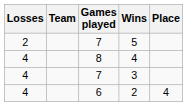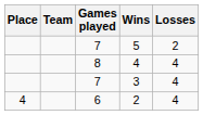 <table class="wikitable" style="text-align:center;">
 <tr>
-<th>Losses</th>
+<th>Place</th>
 <th>Team</th>
 <th>Games<br>played</th>
 <th>Wins</th>
-<th>Place</th>
+<th>Losses</th>
 </tr>
 <tr>
-<td>2</td>
+<td></td>
 <td align=left></td>
 <td>7</td>
 <td>5</td>
-<td></td>
+<td>2</td>
 </tr>
 <tr>
-<td>4</td>
+<td></td>
 <td align=left></td>
 <td>8</td>
 <td>4</td>
-<td></td>
+<td>4</td>
 </tr>
 <tr>
-<td>4</td>
+<td></td>
 <td align=left></td>
 <td>7</td>
 <td>3</td>
-<td></td>
+<td>4</td>
 </tr>
 <tr>
 <td>4</td>
 <td align=left></td>
 <td>6</td>
 <td>2</td>
 <td>4</td>
 </tr>
 </table>
